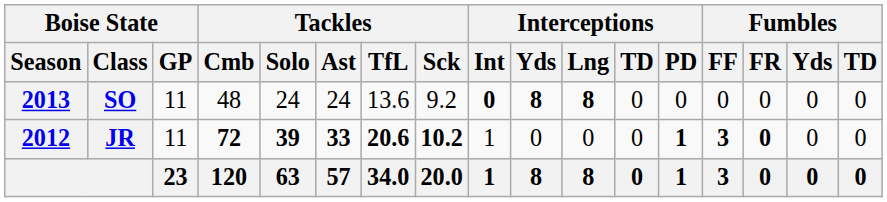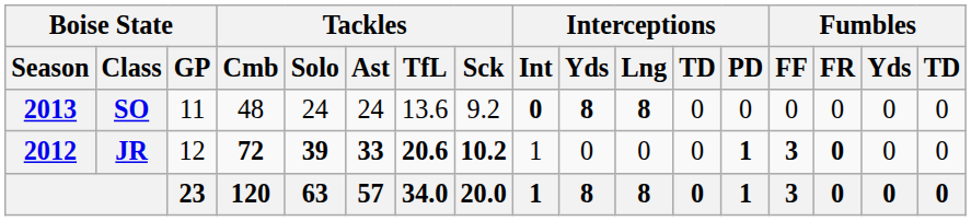 <table class=wikitable style="text-align:center;">
 <tr>
 <th colspan="3">Boise State</th>
 <th colspan="5">Tackles</th>
 <th colspan="5">Interceptions</th>
 <th colspan="4">Fumbles</th>
 </tr>
 <tr>
 <th>Season</th>
 <th>Class</th>
 <th>GP</th>
 <th>Cmb</th>
 <th>Solo</th>
 <th>Ast</th>
 <th>TfL</th>
 <th>Sck</th>
 <th>Int</th>
 <th>Yds</th>
 <th>Lng</th>
 <th>TD</th>
 <th>PD</th>
 <th>FF</th>
 <th>FR</th>
 <th>Yds</th>
 <th>TD</th>
 </tr>
 <tr>
 <th><a href='#'>2013</a></th>
 <th><a href='#'>SO</a></th>
 <td>11</td>
 <td>48</td>
 <td>24</td>
 <td>24</td>
 <td>13.6</td>
 <td>9.2</td>
 <td><strong>0</strong></td>
 <td><strong>8</strong></td>
 <td><strong>8</strong></td>
 <td>0</td>
 <td>0</td>
 <td>0</td>
 <td>0</td>
 <td>0</td>
 <td>0</td>
 </tr>
 <tr>
 <th><a href='#'>2012</a></th>
 <th><a href='#'>JR</a></th>
-<td>11</td>
+<td>12</td>
 <td><strong>72</strong></td>
 <td><strong>39</strong></td>
 <td><strong>33</strong></td>
 <td><strong>20.6</strong></td>
 <td><strong>10.2</strong></td>
 <td>1</td>
 <td>0</td>
 <td>0</td>
 <td>0</td>
 <td><strong>1</strong></td>
 <td><strong>3</strong></td>
 <td><strong>0</strong></td>
 <td>0</td>
 <td>0</td>
 </tr>
 <tr>
 <th colspan="2"></th>
 <th>23</th>
 <th>120</th>
 <th>63</th>
 <th>57</th>
 <th>34.0</th>
 <th>20.0</th>
 <th>1</th>
 <th>8</th>
 <th>8</th>
 <th>0</th>
 <th>1</th>
 <th>3</th>
 <th>0</th>
 <th>0</th>
 <th>0</th>
 </tr>
 </table>
